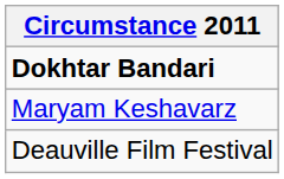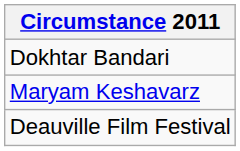 <table class="wikitable">
 <tr>
 <th><a href='#'>Circumstance</a> 2011</th>
 </tr>
 <tr>
-<td><strong>Dokhtar Bandari</strong></td>
+<td>Dokhtar Bandari</td>
 </tr>
 <tr>
 <td><a href='#'>Maryam Keshavarz</a></td>
 </tr>
 <tr>
 <td>Deauville Film Festival</td>
 </tr>
 </table>
